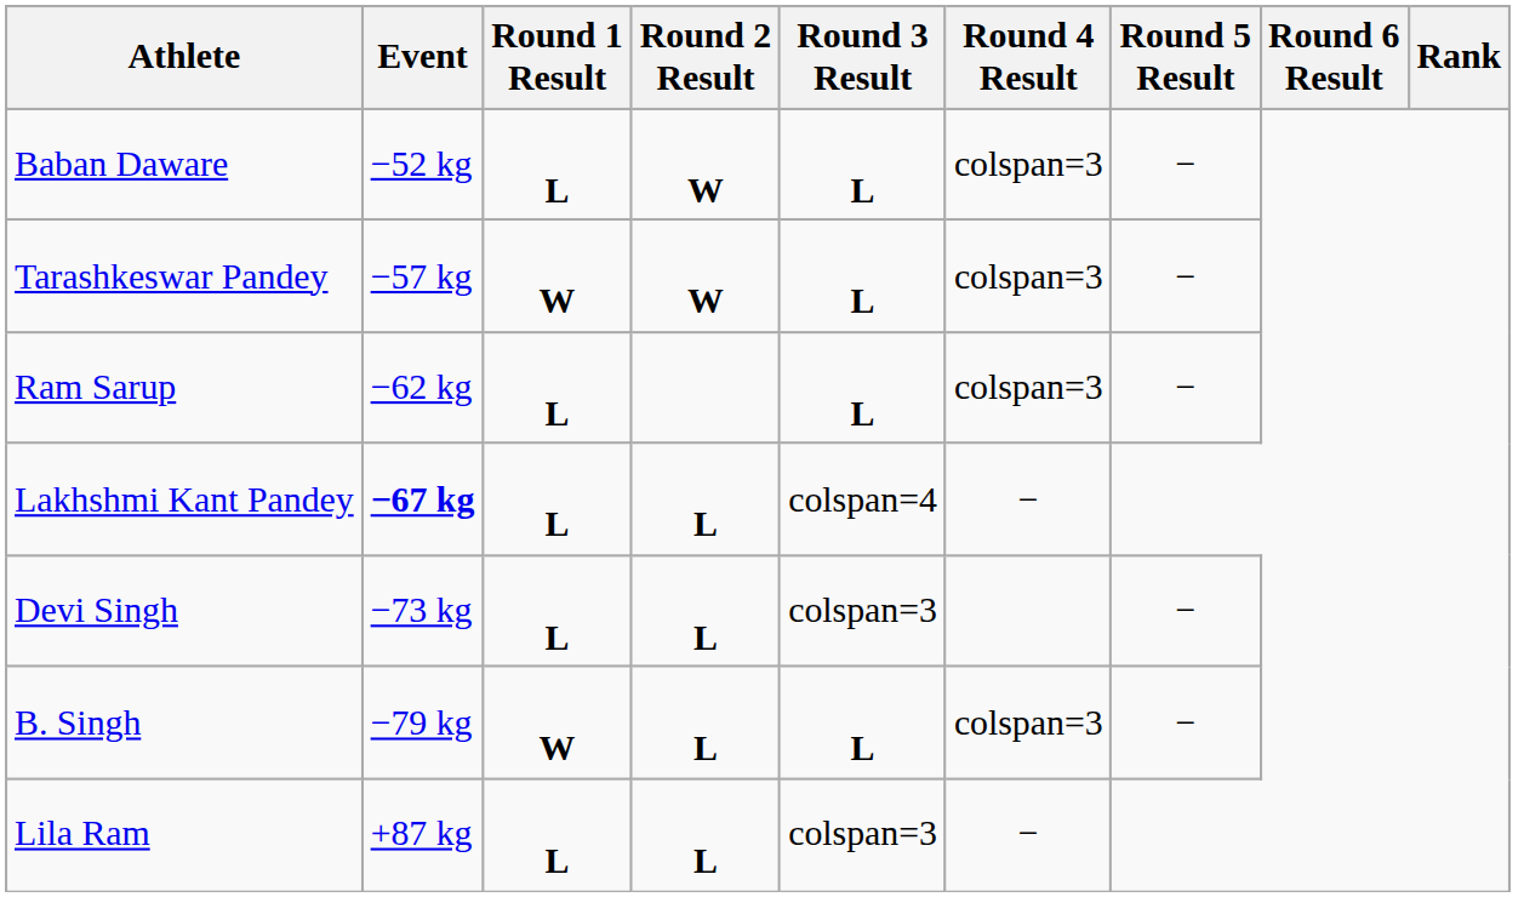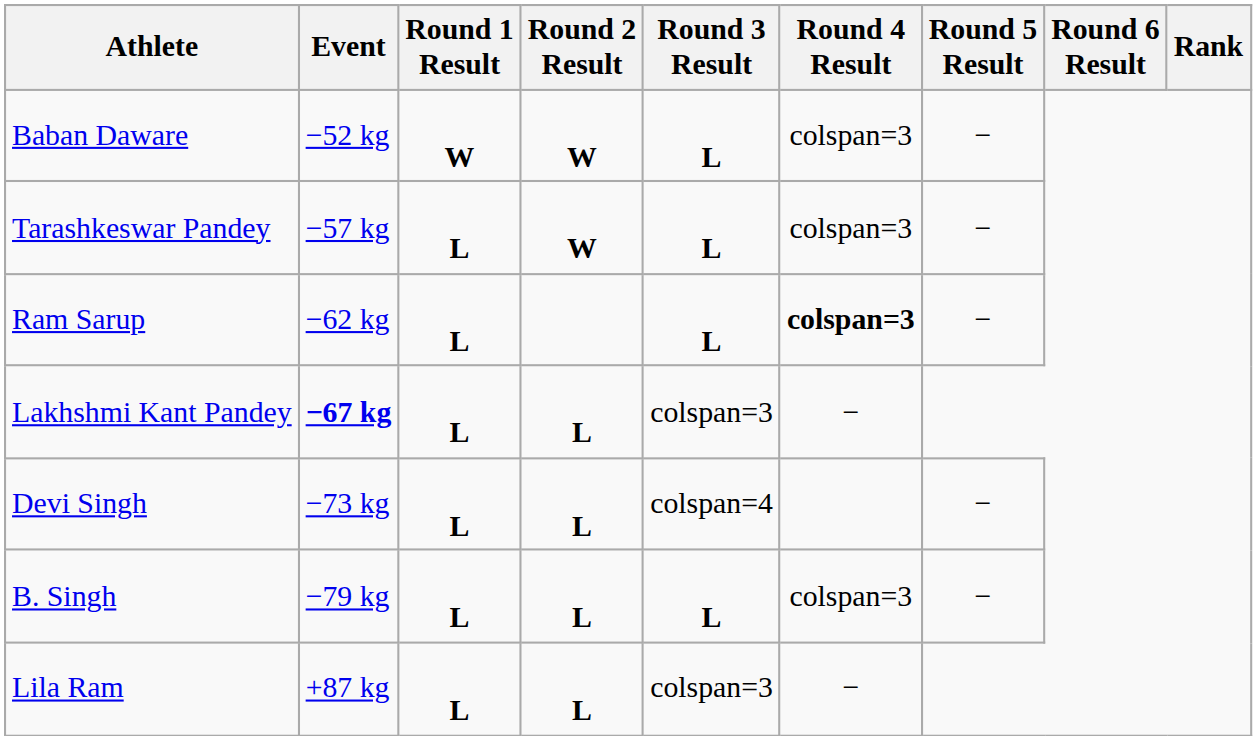 <table class="wikitable" style="font-size:90%">
 <tr>
 <th>Athlete</th>
 <th>Event</th>
 <th>Round 1<br>Result</th>
 <th>Round 2<br>Result</th>
 <th>Round 3<br>Result</th>
 <th>Round 4<br>Result</th>
 <th>Round 5<br>Result</th>
 <th>Round 6<br>Result</th>
 <th>Rank</th>
 </tr>
 <tr align=center>
 <td align=left><a href='#'>Baban Daware</a></td>
 <td align=left><a href='#'>−52 kg</a></td>
-<td><br><strong>L</strong> <sup></sup></td>
+<td><br><strong>W</strong> <sup></sup></td>
 <td><br><strong>W</strong> <sup></sup></td>
 <td><br><strong>L</strong> <sup></sup></td>
 <td>colspan=3 </td>
 <td>−</td>
 </tr>
 <tr align=center>
 <td align=left><a href='#'>Tarashkeswar Pandey</a></td>
 <td align=left><a href='#'>−57 kg</a></td>
-<td><br><strong>W</strong> <sup></sup></td>
+<td><br><strong>L</strong> <sup></sup></td>
 <td><br><strong>W</strong> <sup></sup></td>
 <td><br><strong>L</strong> <sup></sup></td>
 <td>colspan=3 </td>
 <td>−</td>
 </tr>
 <tr align=center>
 <td align=left><a href='#'>Ram Sarup</a></td>
 <td align=left><a href='#'>−62 kg</a></td>
 <td><br><strong>L</strong> <sup></sup></td>
 <td></td>
 <td><br><strong>L</strong> <sup></sup></td>
-<td>colspan=3 </td>
+<td><strong>colspan=3 </strong></td>
 <td>−</td>
 </tr>
 <tr align=center>
 <td align=left><a href='#'>Lakhshmi Kant Pandey</a></td>
 <td align=left><strong><a href='#'>−67 kg</a></strong></td>
 <td><br><strong>L</strong> <sup></sup></td>
 <td><br><strong>L</strong> <sup></sup></td>
-<td>colspan=4 </td>
+<td>colspan=3 </td>
 <td>−</td>
 </tr>
 <tr align=center>
 <td align=left><a href='#'>Devi Singh</a></td>
 <td align=left><a href='#'>−73 kg</a></td>
 <td><br><strong>L</strong> <sup></sup></td>
 <td><br><strong>L</strong> <sup></sup></td>
-<td>colspan=3 </td>
+<td>colspan=4 </td>
 <td></td>
 <td>−</td>
 </tr>
 <tr align=center>
 <td align=left><a href='#'>B. Singh</a></td>
 <td align=left><a href='#'>−79 kg</a></td>
-<td><br><strong>W</strong> <sup></sup></td>
+<td><br><strong>L</strong> <sup></sup></td>
 <td><br><strong>L</strong> <sup></sup></td>
 <td><br><strong>L</strong> <sup></sup></td>
 <td>colspan=3 </td>
 <td>−</td>
 </tr>
 <tr align=center>
 <td align=left><a href='#'>Lila Ram</a></td>
 <td align=left><a href='#'>+87 kg</a></td>
 <td><br><strong>L</strong> <sup></sup></td>
 <td><br><strong>L</strong> <sup></sup></td>
 <td>colspan=3 </td>
 <td>−</td>
 </tr>
 </table>
